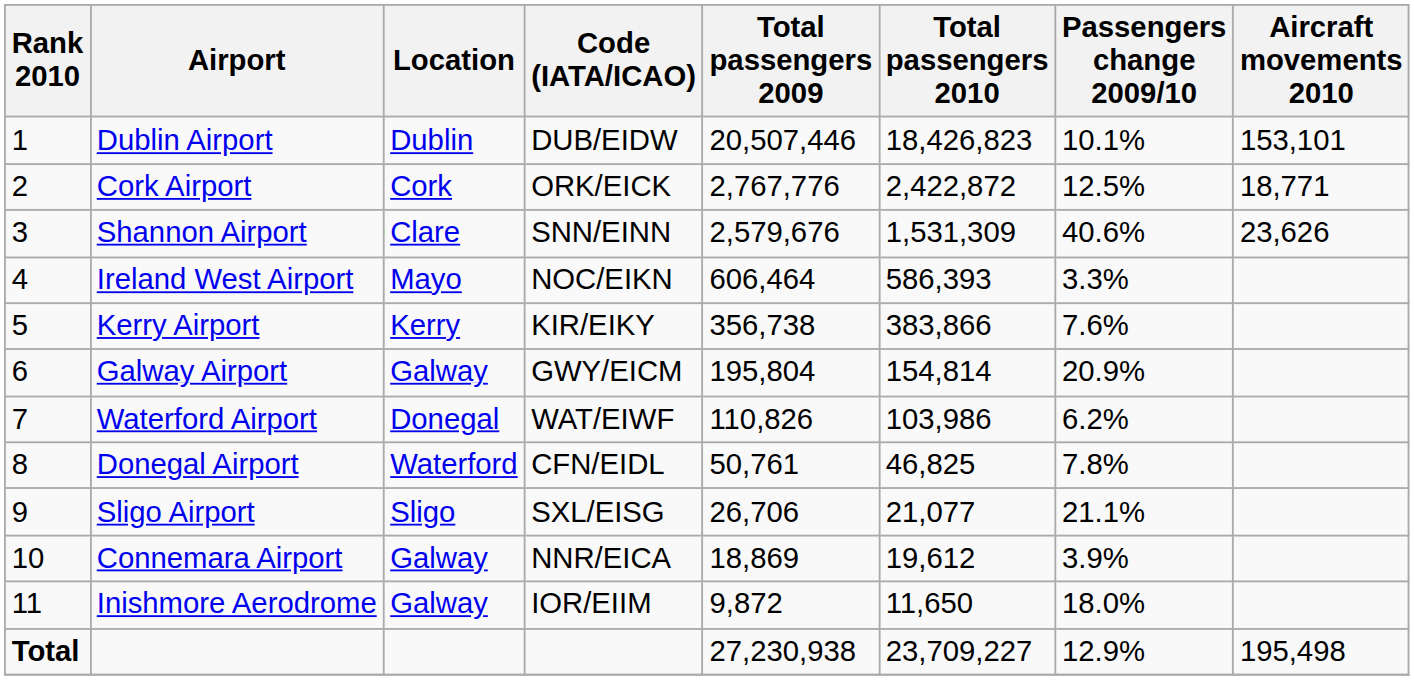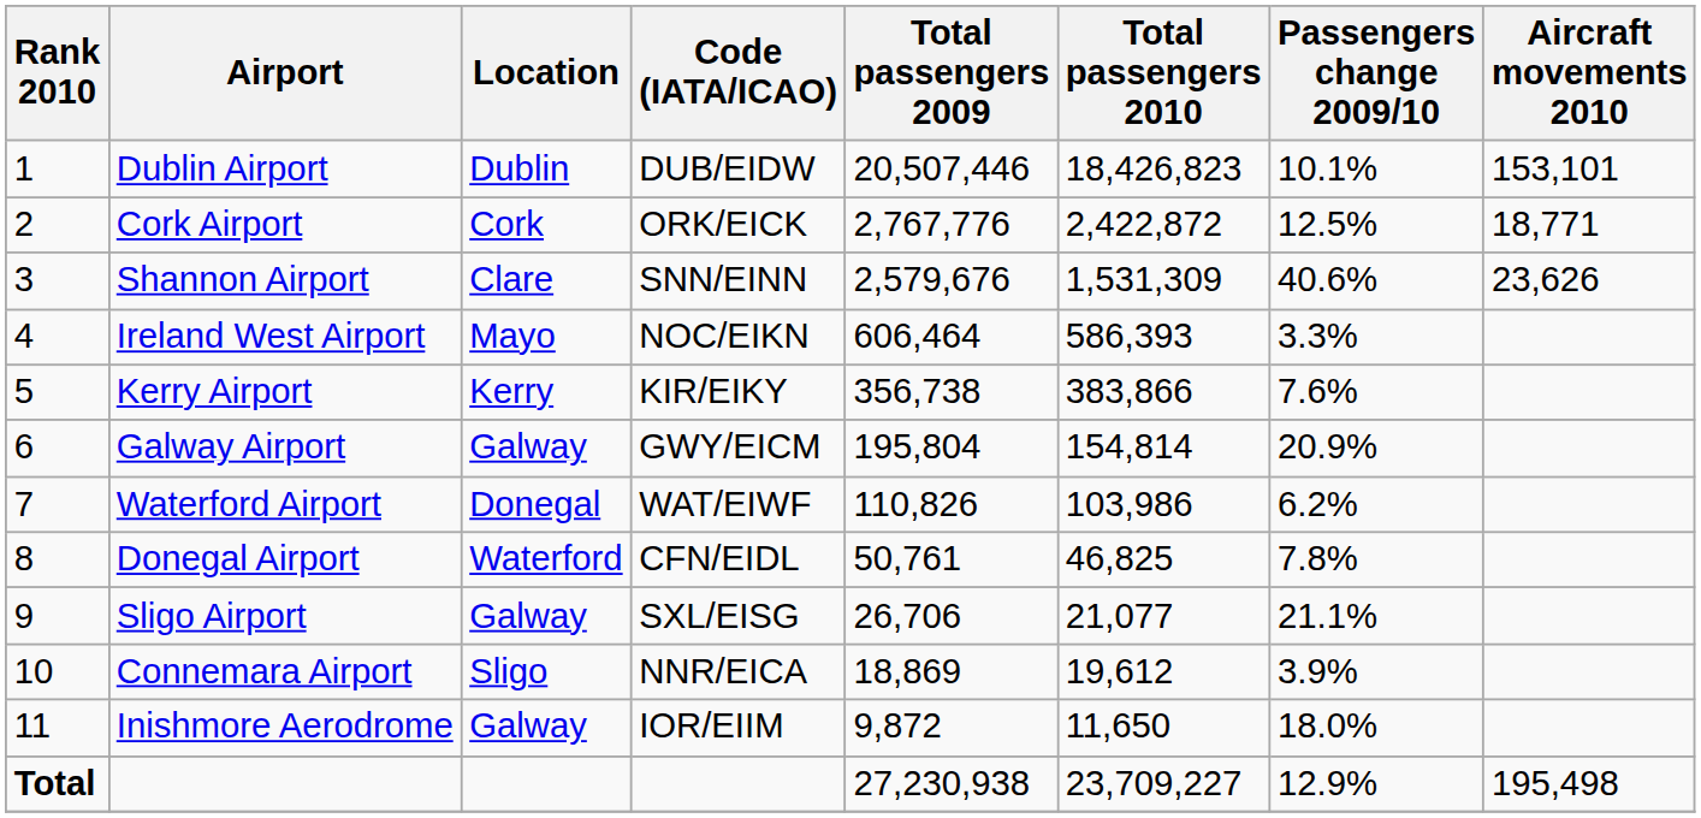 <table class="wikitable sortable">
 <tr>
 <th>Rank<br>2010</th>
 <th>Airport</th>
 <th>Location</th>
 <th>Code<br>(IATA/ICAO)</th>
 <th>Total<br>passengers<br>2009</th>
 <th>Total<br>passengers<br>2010</th>
 <th>Passengers<br>change<br>2009/10</th>
 <th>Aircraft<br>movements<br>2010</th>
 </tr>
 <tr>
 <td>1</td>
 <td><a href='#'>Dublin Airport</a></td>
 <td><a href='#'>Dublin</a></td>
 <td>DUB/EIDW</td>
 <td>20,507,446</td>
 <td>18,426,823</td>
 <td> 10.1%</td>
 <td>153,101</td>
 </tr>
 <tr>
 <td>2</td>
 <td><a href='#'>Cork Airport</a></td>
 <td><a href='#'>Cork</a></td>
 <td>ORK/EICK</td>
 <td>2,767,776</td>
 <td>2,422,872</td>
 <td> 12.5%</td>
 <td>18,771</td>
 </tr>
 <tr>
 <td>3</td>
 <td><a href='#'>Shannon Airport</a></td>
 <td><a href='#'>Clare</a></td>
 <td>SNN/EINN</td>
 <td>2,579,676</td>
 <td>1,531,309</td>
 <td> 40.6%</td>
 <td>23,626</td>
 </tr>
 <tr>
 <td>4</td>
 <td><a href='#'>Ireland West Airport</a></td>
 <td><a href='#'>Mayo</a></td>
 <td>NOC/EIKN</td>
 <td>606,464</td>
 <td>586,393</td>
 <td> 3.3%</td>
 <td></td>
 </tr>
 <tr>
 <td>5</td>
 <td><a href='#'>Kerry Airport</a></td>
 <td><a href='#'>Kerry</a></td>
 <td>KIR/EIKY</td>
 <td>356,738</td>
 <td>383,866</td>
 <td> 7.6%</td>
 <td></td>
 </tr>
 <tr>
 <td>6</td>
 <td><a href='#'>Galway Airport</a></td>
 <td><a href='#'>Galway</a></td>
 <td>GWY/EICM</td>
 <td>195,804</td>
 <td>154,814</td>
 <td> 20.9%</td>
 <td></td>
 </tr>
 <tr>
 <td>7</td>
 <td><a href='#'>Waterford Airport</a></td>
 <td><a href='#'>Donegal</a></td>
 <td>WAT/EIWF</td>
 <td>110,826</td>
 <td>103,986</td>
 <td> 6.2%</td>
 <td></td>
 </tr>
 <tr>
 <td>8</td>
 <td><a href='#'>Donegal Airport</a></td>
 <td><a href='#'>Waterford</a></td>
 <td>CFN/EIDL</td>
 <td>50,761</td>
 <td>46,825</td>
 <td> 7.8%</td>
 <td></td>
 </tr>
 <tr>
 <td>9</td>
 <td><a href='#'>Sligo Airport</a></td>
-<td><a href='#'>Sligo</a></td>
+<td><a href='#'>Galway</a></td>
 <td>SXL/EISG</td>
 <td>26,706</td>
 <td>21,077</td>
 <td> 21.1%</td>
 <td></td>
 </tr>
 <tr>
 <td>10</td>
 <td><a href='#'>Connemara Airport</a></td>
-<td><a href='#'>Galway</a></td>
+<td><a href='#'>Sligo</a></td>
 <td>NNR/EICA</td>
 <td>18,869</td>
 <td>19,612</td>
 <td> 3.9%</td>
 <td></td>
 </tr>
 <tr>
 <td>11</td>
 <td><a href='#'>Inishmore Aerodrome</a></td>
 <td><a href='#'>Galway</a></td>
 <td>IOR/EIIM</td>
 <td>9,872</td>
 <td>11,650</td>
 <td> 18.0%</td>
 <td></td>
 </tr>
 <tr>
 <td><strong>Total</strong></td>
 <td></td>
 <td></td>
 <td></td>
 <td>27,230,938</td>
 <td>23,709,227</td>
 <td> 12.9%</td>
 <td>195,498</td>
 </tr>
 <tr>
 </tr>
 </table>
